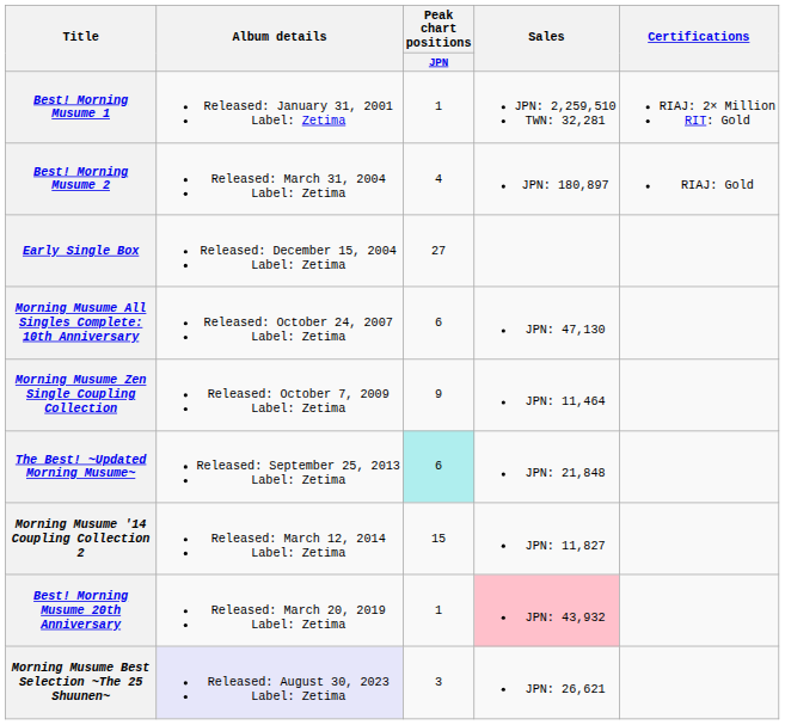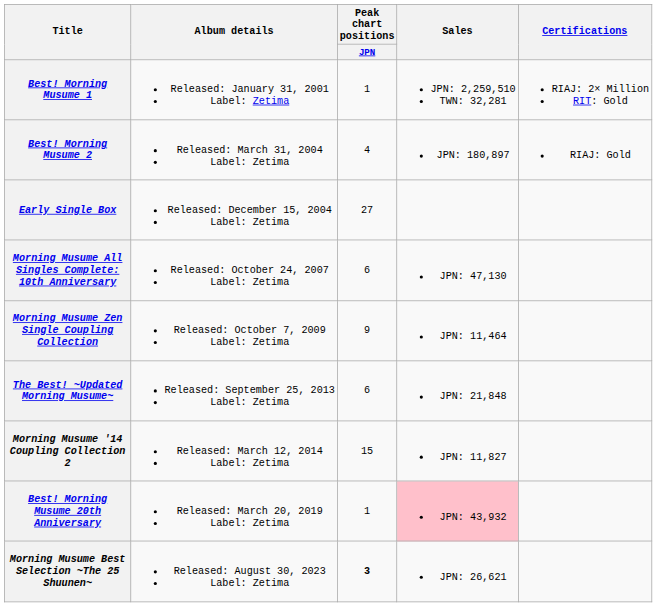 <table class="wikitable plainrowheaders" style="text-align:center;">
 <tr>
 <th rowspan="2" style="width:12em;">Title</th>
 <th rowspan="2">Album details</th>
 <th>Peak chart positions</th>
 <th rowspan="2">Sales</th>
 <th rowspan="2"><a href='#'>Certifications</a></th>
 </tr>
 <tr>
 <th scope="col" style="width:2.8em;font-size:90%;"><a href='#'>JPN</a><br></th>
 </tr>
 <tr>
 <th scope="row"><em><a href='#'>Best! Morning Musume 1</a></em></th>
 <td><br><ul><li>Released: January 31, 2001</li><li>Label: <a href='#'>Zetima</a></li></ul></td>
 <td>1</td>
 <td><br><ul><li>JPN: 2,259,510</li><li>TWN: 32,281</li></ul></td>
 <td><br><ul><li>RIAJ: 2× Million</li><li><a href='#'>RIT</a>: Gold</li></ul></td>
 </tr>
 <tr>
 <th scope="row"><em><a href='#'>Best! Morning Musume 2</a></em></th>
 <td><br><ul><li>Released: March 31, 2004</li><li>Label: Zetima</li></ul></td>
 <td>4</td>
 <td><br><ul><li>JPN: 180,897</li></ul></td>
 <td><br><ul><li>RIAJ: Gold</li></ul></td>
 </tr>
 <tr>
 <th scope="row"><em><a href='#'>Early Single Box</a></em></th>
 <td><br><ul><li>Released: December 15, 2004</li><li>Label: Zetima</li></ul></td>
 <td>27</td>
 <td></td>
 <td></td>
 </tr>
 <tr>
 <th scope="row"><em><a href='#'>Morning Musume All Singles Complete: 10th Anniversary</a></em></th>
 <td><br><ul><li>Released: October 24, 2007</li><li>Label: Zetima</li></ul></td>
 <td>6</td>
 <td><br><ul><li>JPN: 47,130</li></ul></td>
 <td></td>
 </tr>
 <tr>
 <th scope="row"><em><a href='#'>Morning Musume Zen Single Coupling Collection</a></em></th>
 <td><br><ul><li>Released: October 7, 2009</li><li>Label: Zetima</li></ul></td>
 <td>9</td>
 <td><br><ul><li>JPN: 11,464</li></ul></td>
 <td></td>
 </tr>
 <tr>
 <th scope="row"><em><a href='#'>The Best! ~Updated Morning Musume~</a></em></th>
 <td><br><ul><li>Released: September 25, 2013</li><li>Label: Zetima</li></ul></td>
-<td style="background: paleturquoise;">6</td>
+<td>6</td>
 <td><br><ul><li>JPN: 21,848</li></ul></td>
 <td></td>
 </tr>
 <tr>
 <th scope="row"><em>Morning Musume '14 Coupling Collection 2</em></th>
 <td><br><ul><li>Released: March 12, 2014</li><li>Label: Zetima</li></ul></td>
 <td>15</td>
 <td><br><ul><li>JPN: 11,827</li></ul></td>
 <td></td>
 </tr>
 <tr>
 <th scope="row"><em><a href='#'>Best! Morning Musume 20th Anniversary</a></em></th>
 <td><br><ul><li>Released: March 20, 2019</li><li>Label: Zetima</li></ul></td>
 <td>1</td>
 <td style="background: pink;"><br><ul><li>JPN: 43,932</li></ul></td>
 <td></td>
 </tr>
 <tr>
 <th scope="row"><em>Morning Musume Best Selection ~The 25 Shuunen~</em></th>
-<td style="background: lavender;"><br><ul><li>Released: August 30, 2023</li><li>Label: Zetima</li></ul></td>
-<td>3</td>
+<td><br><ul><li>Released: August 30, 2023</li><li>Label: Zetima</li></ul></td>
+<td><strong>3</strong></td>
 <td><br><ul><li>JPN: 26,621</li></ul></td>
 <td></td>
 </tr>
 </table>
